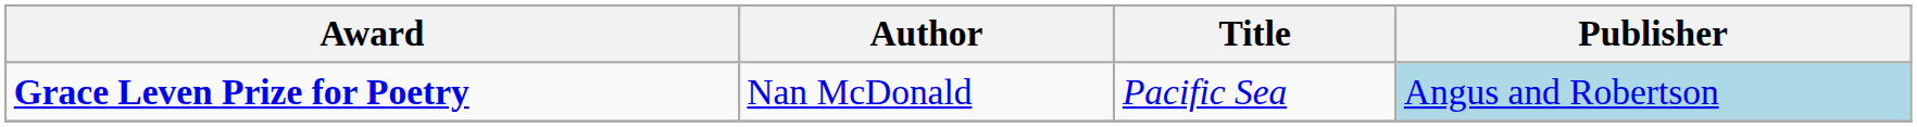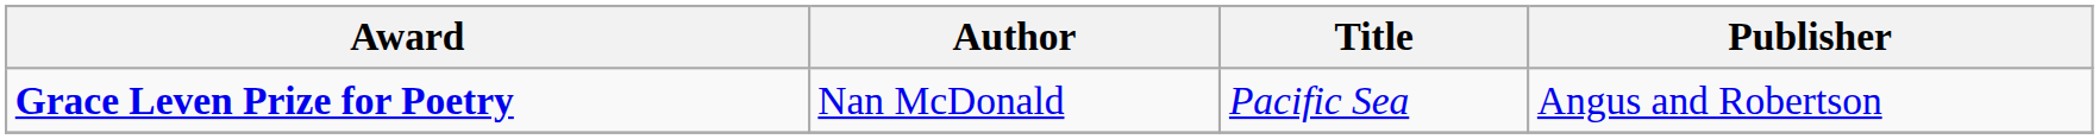 <table class="wikitable" width=95%>
 <tr>
 <th>Award</th>
 <th>Author</th>
 <th>Title</th>
 <th>Publisher</th>
 </tr>
 <tr>
 <td><strong><a href='#'>Grace Leven Prize for Poetry</a></strong></td>
 <td><a href='#'>Nan McDonald</a></td>
 <td><em><a href='#'>Pacific Sea</a></em></td>
-<td style="background: lightblue;"><a href='#'>Angus and Robertson</a></td>
+<td><a href='#'>Angus and Robertson</a></td>
 </tr>
 <tr>
 </tr>
 </table>
